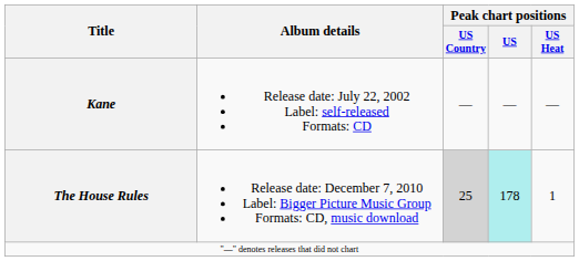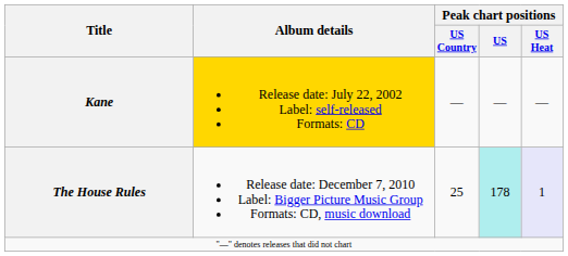 <table class="wikitable plainrowheaders" style="text-align:center;">
 <tr>
 <th rowspan="2" style="width:14em;">Title</th>
 <th rowspan="2" style="width:18em;">Album details</th>
 <th colspan="3">Peak chart positions</th>
 </tr>
 <tr style="font-size:smaller;">
 <th style="width:45px;"><a href='#'>US Country</a><br></th>
 <th style="width:45px;"><a href='#'>US</a><br></th>
 <th style="width:45px;"><a href='#'>US<br>Heat</a><br></th>
 </tr>
 <tr>
 <th scope="row"><em>Kane</em></th>
-<td><br><ul><li>Release date: July 22, 2002</li><li>Label: <a href='#'>self-released</a></li><li>Formats: <a href='#'>CD</a></li></ul></td>
+<td style="background: gold;"><br><ul><li>Release date: July 22, 2002</li><li>Label: <a href='#'>self-released</a></li><li>Formats: <a href='#'>CD</a></li></ul></td>
 <td>—</td>
 <td>—</td>
 <td>—</td>
 </tr>
 <tr>
 <th scope="row"><em>The House Rules</em></th>
 <td><br><ul><li>Release date: December 7, 2010</li><li>Label: <a href='#'>Bigger Picture Music Group</a></li><li>Formats: CD, <a href='#'>music download</a></li></ul></td>
-<td style="background: lightgrey;">25</td>
+<td>25</td>
 <td style="background: paleturquoise;">178</td>
-<td>1</td>
+<td style="background: lavender;">1</td>
 </tr>
 <tr>
 <td colspan="10" style="font-size:8pt">"—" denotes releases that did not chart</td>
 </tr>
 </table>
